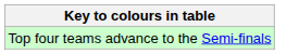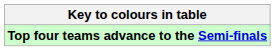 <table class="wikitable">
 <tr>
 <th>Key to colours in table</th>
 </tr>
 <tr bgcolor=#ccffcc>
-<td>Top four teams advance to the <a href='#'>Semi-finals</a></td>
+<td><strong>Top four teams advance to the <a href='#'>Semi-finals</a></strong></td>
 </tr>
 </table>
